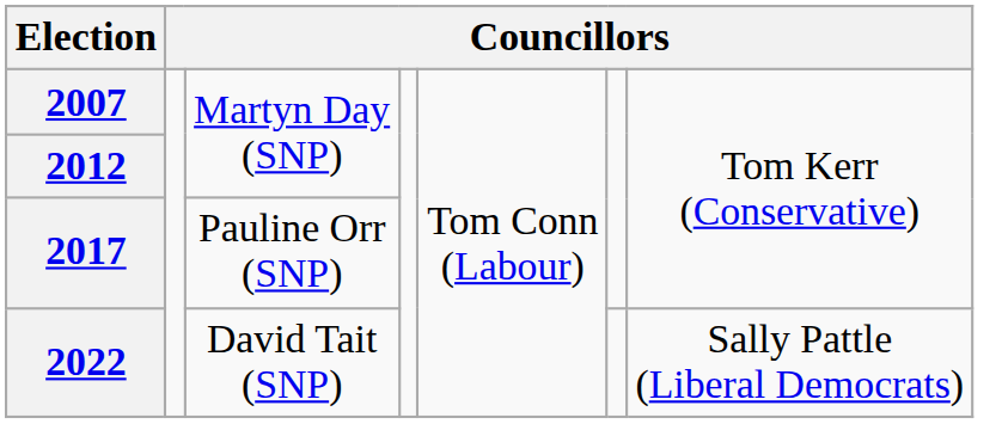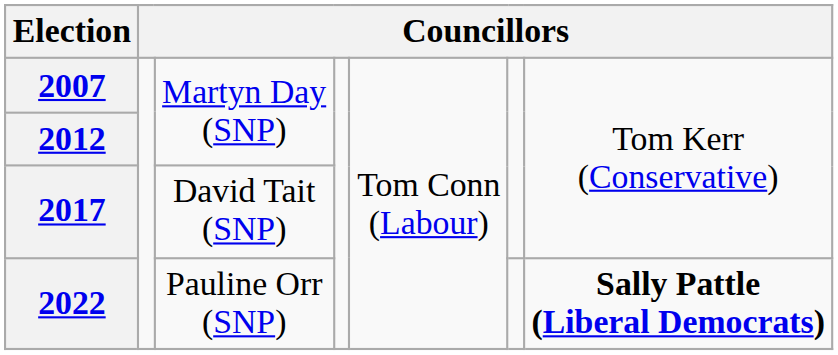 <table class="wikitable" style="text-align:center">
 <tr>
 <th>Election</th>
 <th colspan=6>Councillors</th>
 </tr>
 <tr>
 <th><a href='#'>2007</a></th>
 <td rowspan=4; style="background-color: "></td>
 <td rowspan=2><a href='#'>Martyn Day</a><br>(<a href='#'>SNP</a>)</td>
 <td rowspan=4; style="background-color: "></td>
 <td rowspan=4>Tom Conn<br>(<a href='#'>Labour</a>)</td>
 <td rowspan=3; style="background-color: "></td>
 <td rowspan=3>Tom Kerr<br>(<a href='#'>Conservative</a>)</td>
 </tr>
 <tr>
 <th><a href='#'>2012</a></th>
 </tr>
 <tr>
 <th><a href='#'>2017</a></th>
-<td rowspan=1>Pauline Orr<br>(<a href='#'>SNP</a>)</td>
+<td rowspan=1>David Tait<br>(<a href='#'>SNP</a>)</td>
 </tr>
 <tr>
 <th><a href='#'>2022</a></th>
-<td rowspan=1>David Tait<br>(<a href='#'>SNP</a>)</td>
+<td rowspan=1>Pauline Orr<br>(<a href='#'>SNP</a>)</td>
 <td rowspan=1; style="background-color: "></td>
-<td rowspan=1>Sally Pattle<br>(<a href='#'>Liberal Democrats</a>)</td>
+<td rowspan=1><strong>Sally Pattle<br>(<a href='#'>Liberal Democrats</a>)</strong></td>
 </tr>
 </table>
